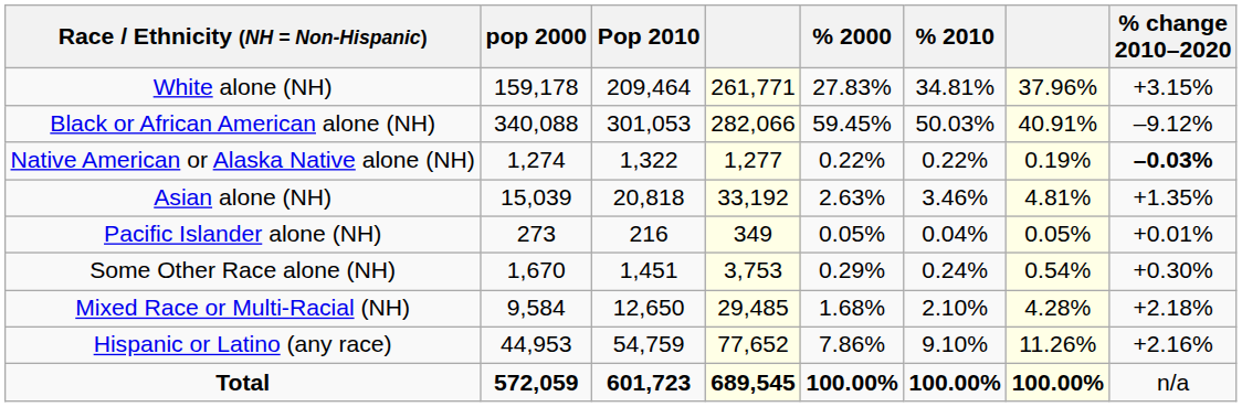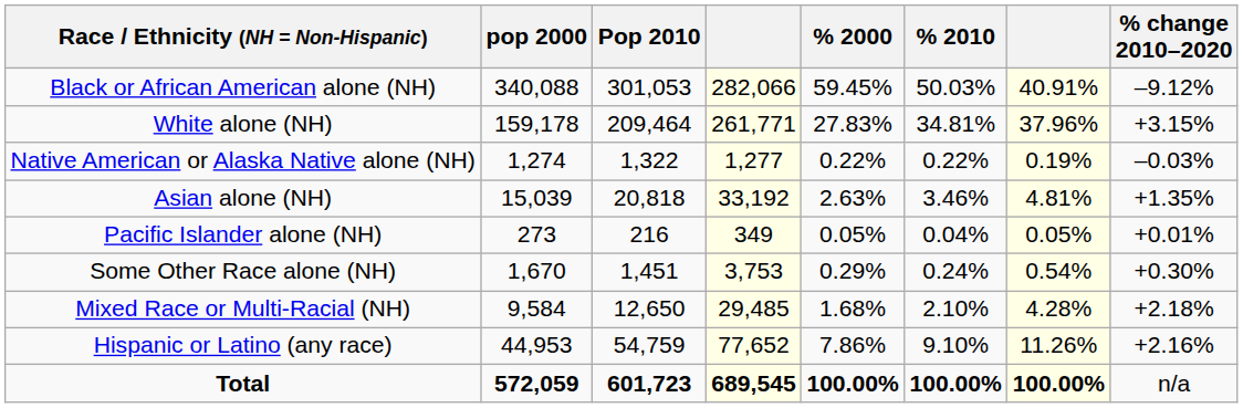 <table class="wikitable" style="text-align:center;">
 <tr>
 <th>Race / Ethnicity <small>(<em>NH = Non-Hispanic</em>)</small></th>
 <th>pop 2000</th>
 <th>Pop 2010</th>
 <th></th>
 <th>% 2000</th>
 <th>% 2010</th>
 <th></th>
 <th>% change<br> 2010–2020</th>
 </tr>
 <tr>
+<td><a href='#'>Black or African American</a> alone (NH)</td>
+<td>340,088</td>
+<td>301,053</td>
+<td style='background: #ffffe6;'>282,066</td>
+<td>59.45%</td>
+<td>50.03%</td>
+<td style='background: #ffffe6;'>40.91%</td>
+<td>–9.12%</td>
+</tr>
+<tr>
 <td><a href='#'>White</a> alone (NH)</td>
 <td>159,178</td>
 <td>209,464</td>
 <td style='background: #ffffe6;'>261,771</td>
 <td>27.83%</td>
 <td>34.81%</td>
 <td style='background: #ffffe6;'>37.96%</td>
 <td>+3.15%</td>
 </tr>
 <tr>
-<td><a href='#'>Black or African American</a> alone (NH)</td>
-<td>340,088</td>
-<td>301,053</td>
-<td style='background: #ffffe6;'>282,066</td>
-<td>59.45%</td>
-<td>50.03%</td>
-<td style='background: #ffffe6;'>40.91%</td>
-<td>–9.12%</td>
-</tr>
-<tr>
 <td><a href='#'>Native American</a> or <a href='#'>Alaska Native</a> alone (NH)</td>
 <td>1,274</td>
 <td>1,322</td>
 <td style='background: #ffffe6;'>1,277</td>
 <td>0.22%</td>
 <td>0.22%</td>
 <td style='background: #ffffe6;'>0.19%</td>
-<td><strong>–0.03%</strong></td>
+<td>–0.03%</td>
 </tr>
 <tr>
 <td><a href='#'>Asian</a> alone (NH)</td>
 <td>15,039</td>
 <td>20,818</td>
 <td style='background: #ffffe6;'>33,192</td>
 <td>2.63%</td>
 <td>3.46%</td>
 <td style='background: #ffffe6;'>4.81%</td>
 <td>+1.35%</td>
 </tr>
 <tr>
 <td><a href='#'>Pacific Islander</a> alone (NH)</td>
 <td>273</td>
 <td>216</td>
 <td style='background: #ffffe6;'>349</td>
 <td>0.05%</td>
 <td>0.04%</td>
 <td style='background: #ffffe6;'>0.05%</td>
 <td>+0.01%</td>
 </tr>
 <tr>
 <td>Some Other Race alone (NH)</td>
 <td>1,670</td>
 <td>1,451</td>
 <td style='background: #ffffe6;'>3,753</td>
 <td>0.29%</td>
 <td>0.24%</td>
 <td style='background: #ffffe6;'>0.54%</td>
 <td>+0.30%</td>
 </tr>
 <tr>
 <td><a href='#'>Mixed Race or Multi-Racial</a> (NH)</td>
 <td>9,584</td>
 <td>12,650</td>
 <td style='background: #ffffe6;'>29,485</td>
 <td>1.68%</td>
 <td>2.10%</td>
 <td style='background: #ffffe6;'>4.28%</td>
 <td>+2.18%</td>
 </tr>
 <tr>
 <td><a href='#'>Hispanic or Latino</a> (any race)</td>
 <td>44,953</td>
 <td>54,759</td>
 <td style='background: #ffffe6;'>77,652</td>
 <td>7.86%</td>
 <td>9.10%</td>
 <td style='background: #ffffe6;'>11.26%</td>
 <td>+2.16%</td>
 </tr>
 <tr>
 <td><strong>Total</strong></td>
 <td><strong>572,059</strong></td>
 <td><strong>601,723</strong></td>
 <td style='background: #ffffe6;'><strong>689,545</strong></td>
 <td><strong>100.00%</strong></td>
 <td><strong>100.00%</strong></td>
 <td style='background: #ffffe6;'><strong>100.00%</strong></td>
 <td>n/a</td>
 </tr>
 </table>
